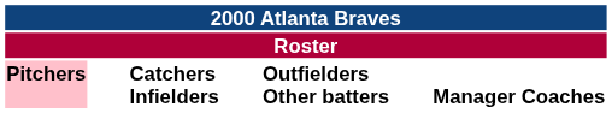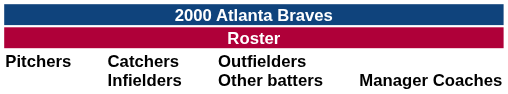 <table class="toccolours" style="font-size: 95%;">
 <tr>
 <th colspan="10" style="background-color: #0f437c; color: #FFFFFF; text-align: center;">2000 Atlanta Braves</th>
 </tr>
 <tr>
 <td colspan="10" style="background-color:#af0039; color: white; text-align: center;"><strong>Roster</strong></td>
 </tr>
 <tr>
-<td valign="top" style="background: pink;"><strong>Pitchers</strong><br>                     </td>
+<td valign="top"><strong>Pitchers</strong><br>                     </td>
 <td width="25px"></td>
 <td valign="top"><strong>Catchers</strong><br>     <strong>Infielders</strong>          </td>
 <td width="25px"></td>
 <td valign="top"><strong>Outfielders</strong><br>         <strong>Other batters</strong> </td>
 <td width="25px"></td>
 <td valign="top"><br><strong>Manager</strong>  <strong>Coaches</strong>      </td>
 </tr>
 </table>
